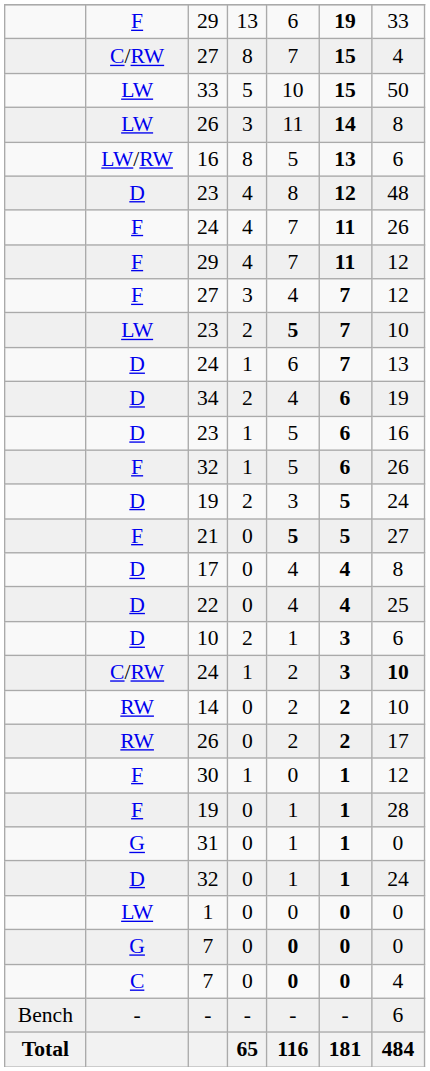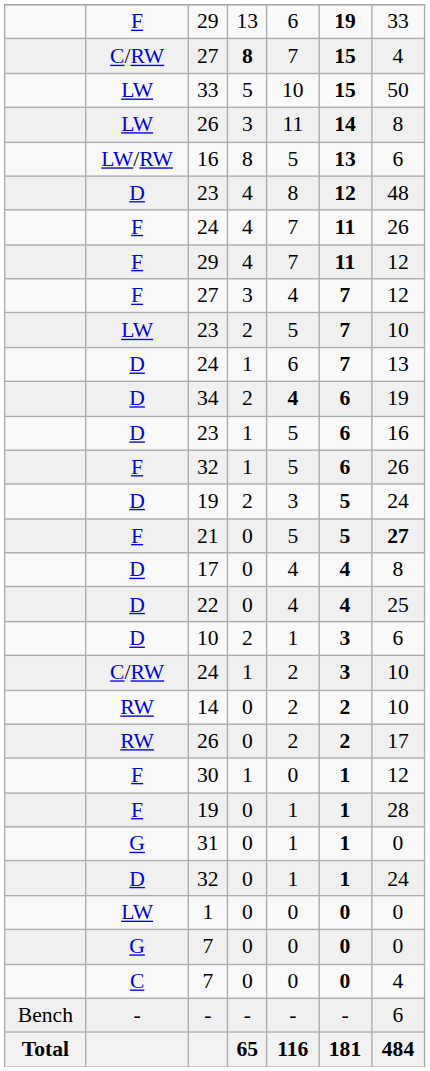 <table class="wikitable sortable" width ="50%">
 <tr align="center">
 </tr>
 <tr align="center" bgcolor="">
 <td></td>
 <td><a href='#'>F</a></td>
 <td>29</td>
 <td>13</td>
 <td>6</td>
 <td><strong>19</strong></td>
 <td>33</td>
 </tr>
 <tr align="center" bgcolor="f0f0f0">
 <td></td>
 <td><a href='#'>C</a>/<a href='#'>RW</a></td>
 <td>27</td>
-<td>8</td>
+<td><strong>8</strong></td>
 <td>7</td>
 <td><strong>15</strong></td>
 <td>4</td>
 </tr>
 <tr align="center" bgcolor="">
 <td></td>
 <td><a href='#'>LW</a></td>
 <td>33</td>
 <td>5</td>
 <td>10</td>
 <td><strong>15</strong></td>
 <td>50</td>
 </tr>
 <tr align="center" bgcolor="f0f0f0">
 <td></td>
 <td><a href='#'>LW</a></td>
 <td>26</td>
 <td>3</td>
 <td>11</td>
 <td><strong>14</strong></td>
 <td>8</td>
 </tr>
 <tr align="center" bgcolor="">
 <td></td>
 <td><a href='#'>LW</a>/<a href='#'>RW</a></td>
 <td>16</td>
 <td>8</td>
 <td>5</td>
 <td><strong>13</strong></td>
 <td>6</td>
 </tr>
 <tr align="center" bgcolor="f0f0f0">
 <td></td>
 <td><a href='#'>D</a></td>
 <td>23</td>
 <td>4</td>
 <td>8</td>
 <td><strong>12</strong></td>
 <td>48</td>
 </tr>
 <tr align="center" bgcolor="">
 <td></td>
 <td><a href='#'>F</a></td>
 <td>24</td>
 <td>4</td>
 <td>7</td>
 <td><strong>11</strong></td>
 <td>26</td>
 </tr>
 <tr align="center" bgcolor="f0f0f0">
 <td></td>
 <td><a href='#'>F</a></td>
 <td>29</td>
 <td>4</td>
 <td>7</td>
 <td><strong>11</strong></td>
 <td>12</td>
 </tr>
 <tr align="center" bgcolor="">
 <td></td>
 <td><a href='#'>F</a></td>
 <td>27</td>
 <td>3</td>
 <td>4</td>
 <td><strong>7</strong></td>
 <td>12</td>
 </tr>
 <tr align="center" bgcolor="f0f0f0">
 <td></td>
 <td><a href='#'>LW</a></td>
 <td>23</td>
 <td>2</td>
-<td><strong>5</strong></td>
+<td>5</td>
 <td><strong>7</strong></td>
 <td>10</td>
 </tr>
 <tr align="center" bgcolor="">
 <td></td>
 <td><a href='#'>D</a></td>
 <td>24</td>
 <td>1</td>
 <td>6</td>
 <td><strong>7</strong></td>
 <td>13</td>
 </tr>
 <tr align="center" bgcolor="f0f0f0">
 <td></td>
 <td><a href='#'>D</a></td>
 <td>34</td>
 <td>2</td>
-<td>4</td>
+<td><strong>4</strong></td>
 <td><strong>6</strong></td>
 <td>19</td>
 </tr>
 <tr align="center" bgcolor="">
 <td></td>
 <td><a href='#'>D</a></td>
 <td>23</td>
 <td>1</td>
 <td>5</td>
 <td><strong>6</strong></td>
 <td>16</td>
 </tr>
 <tr align="center" bgcolor="f0f0f0">
 <td></td>
 <td><a href='#'>F</a></td>
 <td>32</td>
 <td>1</td>
 <td>5</td>
 <td><strong>6</strong></td>
 <td>26</td>
 </tr>
 <tr align="center" bgcolor="">
 <td></td>
 <td><a href='#'>D</a></td>
 <td>19</td>
 <td>2</td>
 <td>3</td>
 <td><strong>5</strong></td>
 <td>24</td>
 </tr>
 <tr align="center" bgcolor="f0f0f0">
 <td></td>
 <td><a href='#'>F</a></td>
 <td>21</td>
 <td>0</td>
+<td>5</td>
 <td><strong>5</strong></td>
-<td><strong>5</strong></td>
-<td>27</td>
+<td><strong>27</strong></td>
 </tr>
 <tr align="center" bgcolor="">
 <td></td>
 <td><a href='#'>D</a></td>
 <td>17</td>
 <td>0</td>
 <td>4</td>
 <td><strong>4</strong></td>
 <td>8</td>
 </tr>
 <tr align="center" bgcolor="f0f0f0">
 <td></td>
 <td><a href='#'>D</a></td>
 <td>22</td>
 <td>0</td>
 <td>4</td>
 <td><strong>4</strong></td>
 <td>25</td>
 </tr>
 <tr align="center" bgcolor="">
 <td></td>
 <td><a href='#'>D</a></td>
 <td>10</td>
 <td>2</td>
 <td>1</td>
 <td><strong>3</strong></td>
 <td>6</td>
 </tr>
 <tr align="center" bgcolor="f0f0f0">
 <td></td>
 <td><a href='#'>C</a>/<a href='#'>RW</a></td>
 <td>24</td>
 <td>1</td>
 <td>2</td>
 <td><strong>3</strong></td>
-<td><strong>10</strong></td>
+<td>10</td>
 </tr>
 <tr align="center" bgcolor="">
 <td></td>
 <td><a href='#'>RW</a></td>
 <td>14</td>
 <td>0</td>
 <td>2</td>
 <td><strong>2</strong></td>
 <td>10</td>
 </tr>
 <tr align="center" bgcolor="f0f0f0">
 <td></td>
 <td><a href='#'>RW</a></td>
 <td>26</td>
 <td>0</td>
 <td>2</td>
 <td><strong>2</strong></td>
 <td>17</td>
 </tr>
 <tr align="center" bgcolor="">
 <td></td>
 <td><a href='#'>F</a></td>
 <td>30</td>
 <td>1</td>
 <td>0</td>
 <td><strong>1</strong></td>
 <td>12</td>
 </tr>
 <tr align="center" bgcolor="f0f0f0">
 <td></td>
 <td><a href='#'>F</a></td>
 <td>19</td>
 <td>0</td>
 <td>1</td>
 <td><strong>1</strong></td>
 <td>28</td>
 </tr>
 <tr align="center" bgcolor="">
 <td></td>
 <td><a href='#'>G</a></td>
 <td>31</td>
 <td>0</td>
 <td>1</td>
 <td><strong>1</strong></td>
 <td>0</td>
 </tr>
 <tr align="center" bgcolor="f0f0f0">
 <td></td>
 <td><a href='#'>D</a></td>
 <td>32</td>
 <td>0</td>
 <td>1</td>
 <td><strong>1</strong></td>
 <td>24</td>
 </tr>
 <tr align="center" bgcolor="">
 <td></td>
 <td><a href='#'>LW</a></td>
 <td>1</td>
 <td>0</td>
 <td>0</td>
 <td><strong>0</strong></td>
 <td>0</td>
 </tr>
 <tr align="center" bgcolor="f0f0f0">
 <td></td>
 <td><a href='#'>G</a></td>
 <td>7</td>
 <td>0</td>
-<td><strong>0</strong></td>
+<td>0</td>
 <td><strong>0</strong></td>
 <td>0</td>
 </tr>
 <tr align="center" bgcolor="">
 <td></td>
 <td><a href='#'>C</a></td>
 <td>7</td>
 <td>0</td>
-<td><strong>0</strong></td>
+<td>0</td>
 <td><strong>0</strong></td>
 <td>4</td>
 </tr>
 <tr align="center" bgcolor="f0f0f0">
 <td>Bench</td>
 <td>-</td>
 <td>-</td>
 <td>-</td>
 <td>-</td>
 <td>-</td>
 <td>6</td>
 </tr>
 <tr>
 <th>Total</th>
 <th></th>
 <th></th>
 <th>65</th>
 <th>116</th>
 <th>181</th>
 <th>484</th>
 </tr>
 </table>
